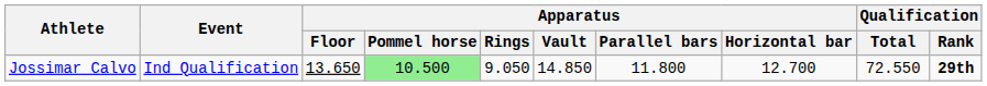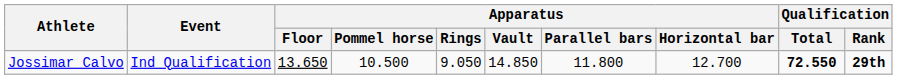 <table class="wikitable" style="font-size:90%">
 <tr>
 <th rowspan="2">Athlete</th>
 <th rowspan="2">Event</th>
 <th colspan = "6">Apparatus</th>
 <th colspan = "2">Qualification</th>
 </tr>
 <tr>
 <th>Floor</th>
 <th>Pommel horse</th>
 <th>Rings</th>
 <th>Vault</th>
 <th>Parallel bars</th>
 <th>Horizontal bar</th>
 <th>Total</th>
 <th>Rank</th>
 </tr>
 <tr>
 <td><a href='#'>Jossimar Calvo</a></td>
 <td><a href='#'>Ind Qualification</a></td>
 <td align=center><u>13.650</u></td>
-<td align=center style="background: lightgreen;">10.500</td>
+<td align=center>10.500</td>
 <td align=center>9.050</td>
 <td align=center>14.850</td>
 <td align=center>11.800</td>
 <td align=center>12.700</td>
-<td align=center>72.550</td>
+<td align=center><strong>72.550</strong></td>
 <td align=center><strong>29th</strong></td>
 </tr>
 </table>
